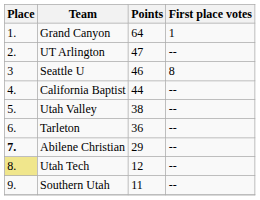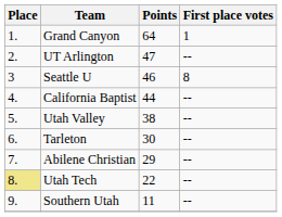 <table class="wikitable">
 <tr>
 <th>Place</th>
 <th>Team</th>
 <th>Points</th>
 <th>First place votes</th>
 </tr>
 <tr>
 <td>1.</td>
 <td>Grand Canyon</td>
 <td>64</td>
 <td>1</td>
 </tr>
 <tr>
 <td>2.</td>
 <td>UT Arlington</td>
 <td>47</td>
 <td>--</td>
 </tr>
 <tr>
 <td>3</td>
 <td>Seattle U</td>
 <td>46</td>
 <td>8</td>
 </tr>
 <tr>
 <td>4.</td>
 <td>California Baptist</td>
 <td>44</td>
 <td>--</td>
 </tr>
 <tr>
 <td>5.</td>
 <td>Utah Valley</td>
 <td>38</td>
 <td>--</td>
 </tr>
 <tr>
 <td>6.</td>
 <td>Tarleton</td>
-<td>36</td>
+<td>30</td>
 <td>--</td>
 </tr>
 <tr>
-<td><strong>7.</strong></td>
+<td>7.</td>
 <td>Abilene Christian</td>
 <td>29</td>
 <td>--</td>
 </tr>
 <tr>
 <td style="background: khaki;">8.</td>
 <td>Utah Tech</td>
-<td>12</td>
+<td>22</td>
 <td>--</td>
 </tr>
 <tr>
 <td>9.</td>
 <td>Southern Utah</td>
 <td>11</td>
 <td>--</td>
 </tr>
 <tr>
 </tr>
 </table>
